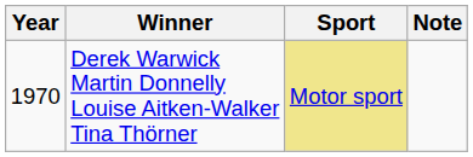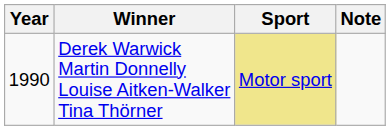 <table class="wikitable">
 <tr>
 <th>Year</th>
 <th>Winner</th>
 <th>Sport</th>
 <th class="unsortable">Note</th>
 </tr>
 <tr>
-<td align=center>1970</td>
+<td align=center>1990</td>
 <td><a href='#'>Derek Warwick</a><br><a href='#'>Martin Donnelly</a><br><a href='#'>Louise Aitken-Walker</a><br><a href='#'>Tina Thörner</a></td>
 <td style="background: khaki;"><a href='#'>Motor sport</a></td>
 <td align=center></td>
 </tr>
 </table>
